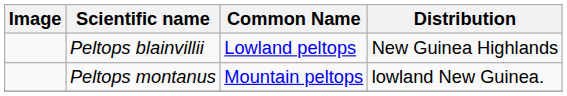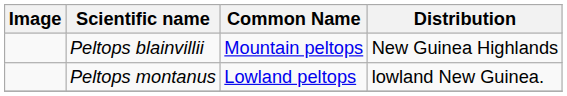 <table class="wikitable">
 <tr>
 <th>Image</th>
 <th>Scientific name</th>
 <th>Common Name</th>
 <th>Distribution</th>
 </tr>
 <tr>
 <td></td>
 <td><em>Peltops blainvillii</em></td>
-<td><a href='#'>Lowland peltops</a></td>
+<td><a href='#'>Mountain peltops</a></td>
 <td>New Guinea Highlands</td>
 </tr>
 <tr>
 <td></td>
 <td><em>Peltops montanus</em></td>
-<td><a href='#'>Mountain peltops</a></td>
+<td><a href='#'>Lowland peltops</a></td>
 <td>lowland New Guinea.</td>
 </tr>
 <tr>
 </tr>
 </table>
